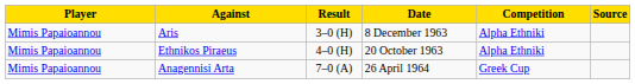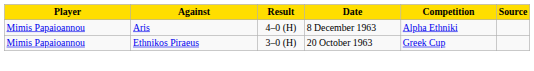 <table class="wikitable">
 <tr>
 <th width=200 style="background:#FFDE00">Player</th>
 <th width=200 style="background:#FFDE00">Against</th>
 <th width=70 style="background:#FFDE00">Result</th>
 <th width=150 style="background:#FFDE00">Date</th>
 <th width=150 style="background:#FFDE00">Competition</th>
 <th style="background:#FFDE00">Source</th>
 </tr>
 <tr>
 <td> <a href='#'>Mimis Papaioannou</a></td>
 <td> <a href='#'>Aris</a></td>
-<td align=center>3–0 (H)</td>
+<td align=center>4–0 (H)</td>
 <td>8 December 1963</td>
 <td><a href='#'>Alpha Ethniki</a></td>
 <td align=center></td>
 </tr>
 <tr>
 <td> <a href='#'>Mimis Papaioannou</a></td>
 <td> <a href='#'>Ethnikos Piraeus</a></td>
-<td align=center>4–0 (H)</td>
+<td align=center>3–0 (H)</td>
 <td>20 October 1963</td>
-<td><a href='#'>Alpha Ethniki</a></td>
-<td align=center></td>
-</tr>
-<tr>
-<td> <a href='#'>Mimis Papaioannou</a></td>
-<td> <a href='#'>Anagennisi Arta</a></td>
-<td align=center>7–0 (Α)</td>
-<td>26 April 1964</td>
 <td><a href='#'>Greek Cup</a></td>
 <td align=center></td>
 </tr>
 </table>
